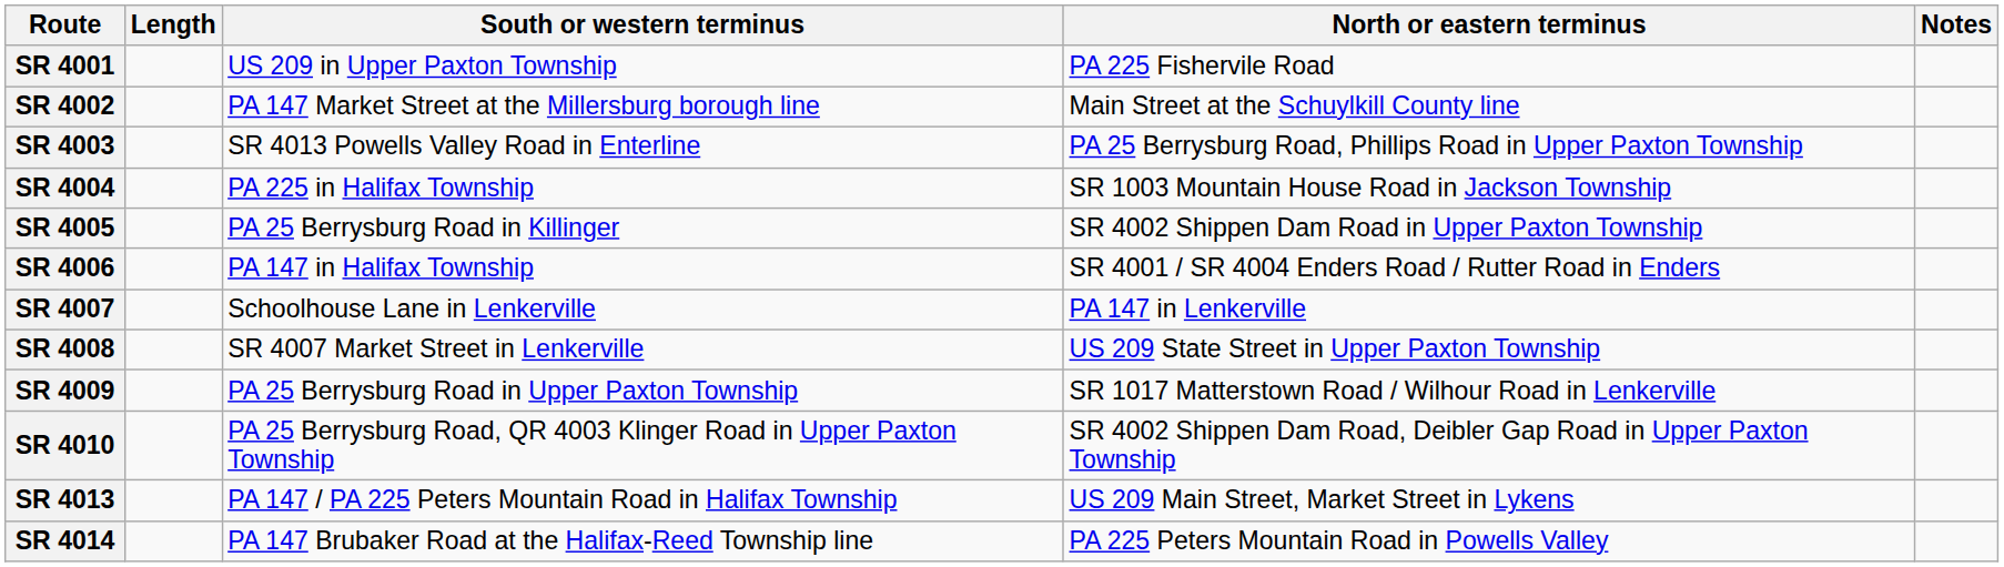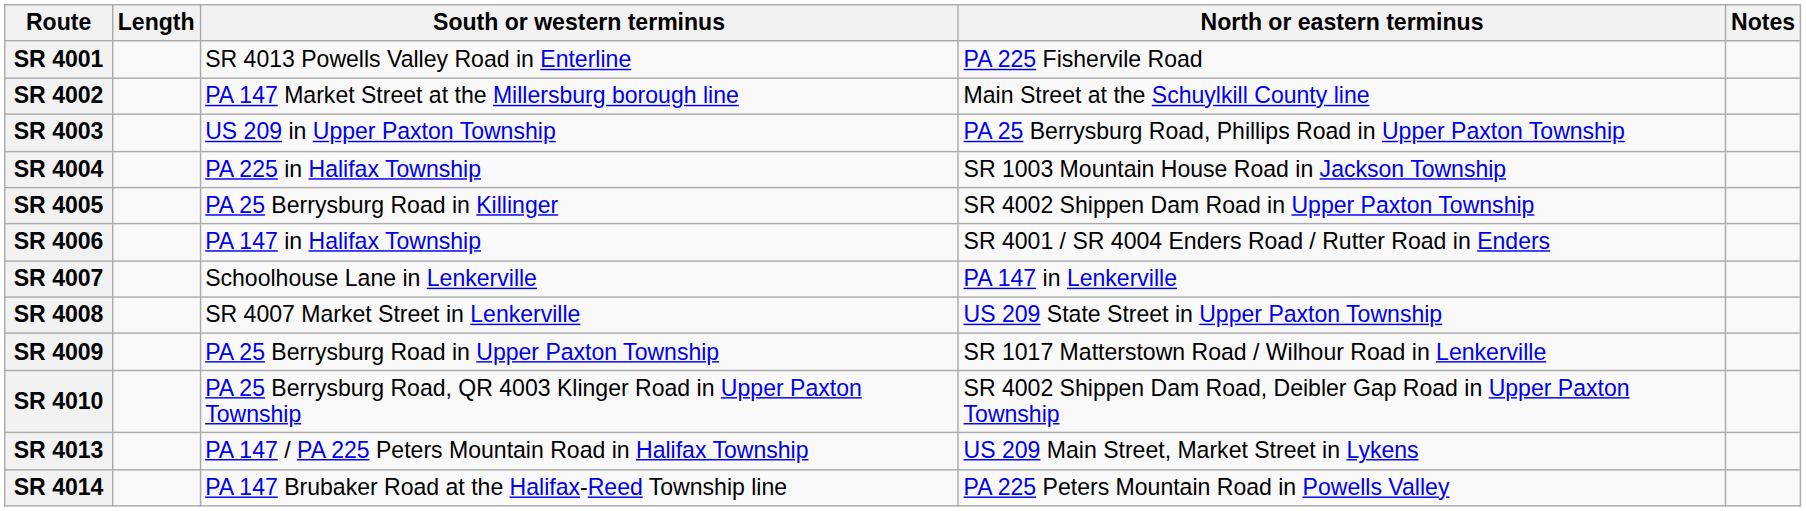 <table class="wikitable">
 <tr>
 <th width=6%>Route</th>
 <th>Length</th>
 <th>South or western terminus</th>
 <th>North or eastern terminus</th>
 <th>Notes</th>
 </tr>
 <tr>
 <th scope="col">SR 4001</th>
 <td></td>
-<td><a href='#'>US 209</a> in <a href='#'>Upper Paxton Township</a></td>
+<td>SR 4013 Powells Valley Road in <a href='#'>Enterline</a></td>
 <td><a href='#'>PA 225</a> Fishervile Road</td>
 <td></td>
 </tr>
 <tr>
 <th scope="col">SR 4002</th>
 <td></td>
 <td><a href='#'>PA 147</a> Market Street at the <a href='#'>Millersburg borough line</a></td>
 <td>Main Street at the <a href='#'>Schuylkill County line</a></td>
 <td></td>
 </tr>
 <tr>
 <th scope="col">SR 4003</th>
 <td></td>
-<td>SR 4013 Powells Valley Road in <a href='#'>Enterline</a></td>
+<td><a href='#'>US 209</a> in <a href='#'>Upper Paxton Township</a></td>
 <td><a href='#'>PA 25</a> Berrysburg Road, Phillips Road in <a href='#'>Upper Paxton Township</a></td>
 <td></td>
 </tr>
 <tr>
 <th scope="col">SR 4004</th>
 <td></td>
 <td><a href='#'>PA 225</a> in <a href='#'>Halifax Township</a></td>
 <td>SR 1003 Mountain House Road in <a href='#'>Jackson Township</a></td>
 <td></td>
 </tr>
 <tr>
 <th scope="col">SR 4005</th>
 <td></td>
 <td><a href='#'>PA 25</a> Berrysburg Road in <a href='#'>Killinger</a></td>
 <td>SR 4002 Shippen Dam Road in <a href='#'>Upper Paxton Township</a></td>
 <td></td>
 </tr>
 <tr>
 <th scope="col">SR 4006</th>
 <td></td>
 <td><a href='#'>PA 147</a> in <a href='#'>Halifax Township</a></td>
 <td>SR 4001 / SR 4004 Enders Road / Rutter Road in <a href='#'>Enders</a></td>
 <td></td>
 </tr>
 <tr>
 <th scope="col">SR 4007</th>
 <td></td>
 <td>Schoolhouse Lane in <a href='#'>Lenkerville</a></td>
 <td><a href='#'>PA 147</a> in <a href='#'>Lenkerville</a></td>
 <td></td>
 </tr>
 <tr>
 <th scope="col">SR 4008</th>
 <td></td>
 <td>SR 4007 Market Street in <a href='#'>Lenkerville</a></td>
 <td><a href='#'>US 209</a> State Street in <a href='#'>Upper Paxton Township</a></td>
 <td></td>
 </tr>
 <tr>
 <th scope="col">SR 4009</th>
 <td></td>
 <td><a href='#'>PA 25</a> Berrysburg Road in <a href='#'>Upper Paxton Township</a></td>
 <td>SR 1017 Matterstown Road / Wilhour Road in <a href='#'>Lenkerville</a></td>
 <td></td>
 </tr>
 <tr>
 <th scope="col">SR 4010</th>
 <td></td>
 <td><a href='#'>PA 25</a> Berrysburg Road, QR 4003 Klinger Road in <a href='#'>Upper Paxton Township</a></td>
 <td>SR 4002 Shippen Dam Road, Deibler Gap Road in <a href='#'>Upper Paxton Township</a></td>
 <td></td>
 </tr>
 <tr>
 <th scope="col">SR 4013</th>
 <td></td>
 <td><a href='#'>PA 147</a> / <a href='#'>PA 225</a> Peters Mountain Road in <a href='#'>Halifax Township</a></td>
 <td><a href='#'>US 209</a> Main Street, Market Street in <a href='#'>Lykens</a></td>
 <td></td>
 </tr>
 <tr>
 <th scope="col">SR 4014</th>
 <td></td>
 <td><a href='#'>PA 147</a> Brubaker Road at the <a href='#'>Halifax</a>-<a href='#'>Reed</a> Township line</td>
 <td><a href='#'>PA 225</a> Peters Mountain Road in <a href='#'>Powells Valley</a></td>
 <td></td>
 </tr>
 </table>
